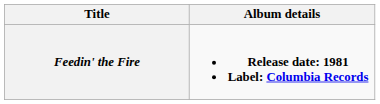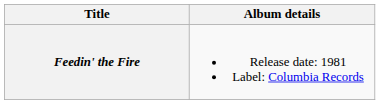 <table class="wikitable plainrowheaders" style="text-align:center;">
 <tr>
 <th style="width:14em;">Title</th>
 <th style="width:14em;">Album details</th>
 </tr>
 <tr>
 <th scope="row"><em>Feedin' the Fire</em></th>
-<td><strong><br><ul><li>Release date: 1981</li><li>Label: <a href='#'>Columbia Records</a></li></ul></strong></td>
+<td><br><ul><li>Release date: 1981</li><li>Label: <a href='#'>Columbia Records</a></li></ul></td>
 </tr>
 </table>
